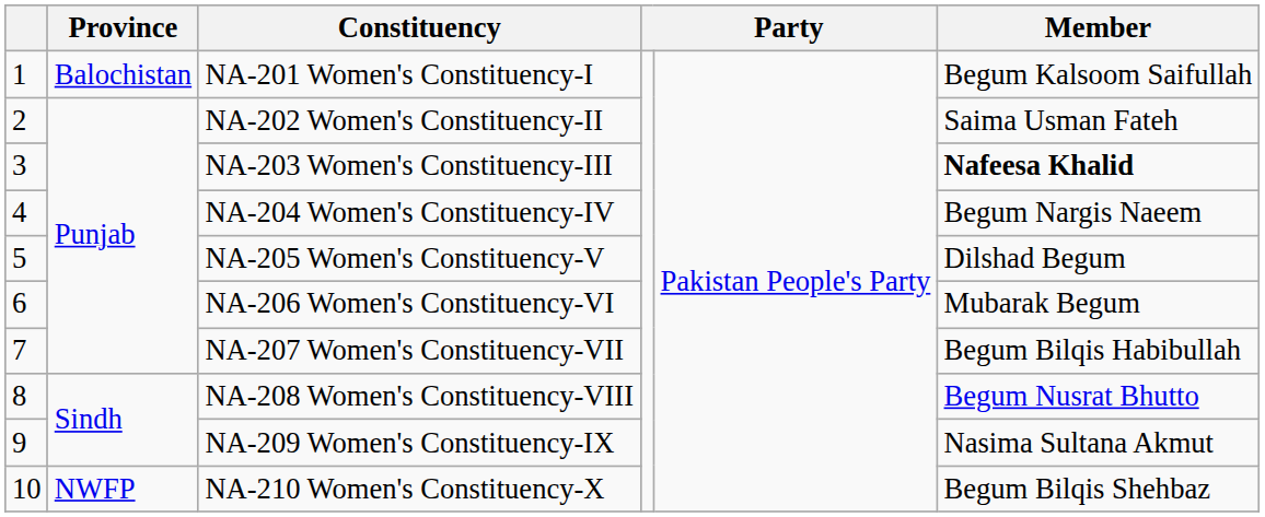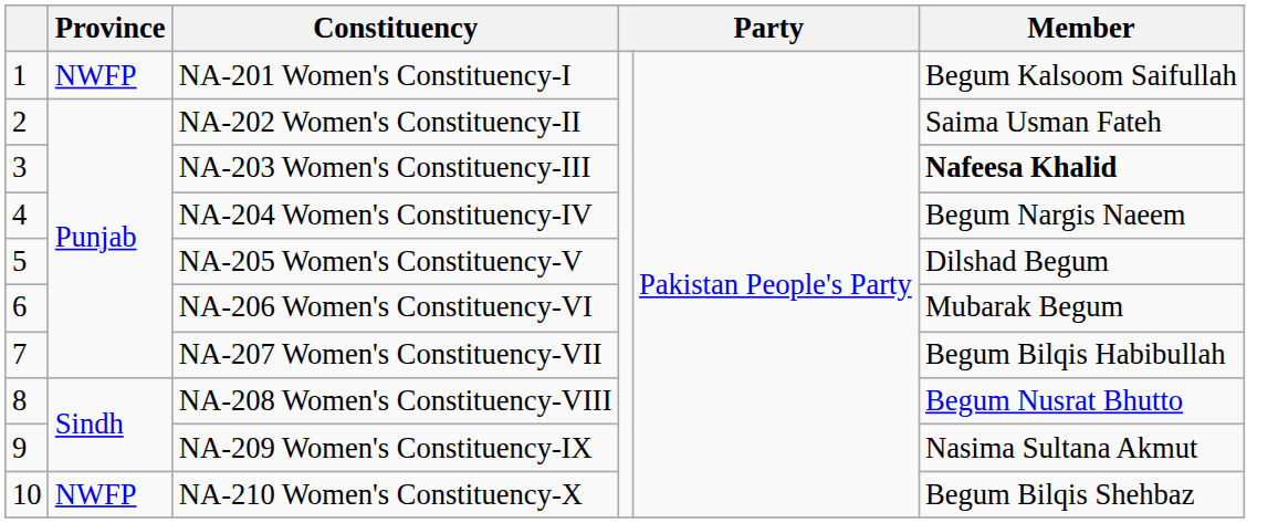 <table class="wikitable sortable">
 <tr>
 <th></th>
 <th>Province</th>
 <th>Constituency</th>
 <th colspan="2">Party</th>
 <th>Member</th>
 </tr>
 <tr>
 <td>1</td>
-<td><a href='#'>Balochistan</a></td>
+<td><a href='#'>NWFP</a></td>
 <td>NA-201 Women's Constituency-I</td>
 <td rowspan="10" style="background-color:"></td>
 <td rowspan="10"><a href='#'>Pakistan People's Party</a></td>
 <td>Begum Kalsoom Saifullah</td>
 </tr>
 <tr>
 <td>2</td>
 <td rowspan="6"><a href='#'>Punjab</a></td>
 <td>NA-202 Women's Constituency-II</td>
 <td>Saima Usman Fateh</td>
 </tr>
 <tr>
 <td>3</td>
 <td>NA-203 Women's Constituency-III</td>
 <td><strong>Nafeesa Khalid</strong></td>
 </tr>
 <tr>
 <td>4</td>
 <td>NA-204 Women's Constituency-IV</td>
 <td>Begum Nargis Naeem</td>
 </tr>
 <tr>
 <td>5</td>
 <td>NA-205 Women's Constituency-V</td>
 <td>Dilshad Begum</td>
 </tr>
 <tr>
 <td>6</td>
 <td>NA-206 Women's Constituency-VI</td>
 <td>Mubarak Begum</td>
 </tr>
 <tr>
 <td>7</td>
 <td>NA-207 Women's Constituency-VII</td>
 <td>Begum Bilqis Habibullah</td>
 </tr>
 <tr>
 <td>8</td>
 <td rowspan="2"><a href='#'>Sindh</a></td>
 <td>NA-208 Women's Constituency-VIII</td>
 <td><a href='#'>Begum Nusrat Bhutto</a></td>
 </tr>
 <tr>
 <td>9</td>
 <td>NA-209 Women's Constituency-IX</td>
 <td>Nasima Sultana Akmut</td>
 </tr>
 <tr>
 <td>10</td>
 <td><a href='#'>NWFP</a></td>
 <td>NA-210 Women's Constituency-X</td>
 <td>Begum Bilqis Shehbaz</td>
 </tr>
 </table>
